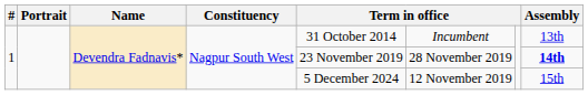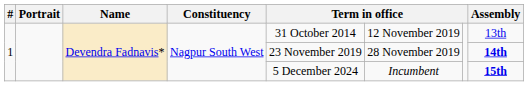 <table class="wikitable plainrowheaders" style="text-align:center">
 <tr align=center>
 <th>#</th>
 <th>Portrait</th>
 <th>Name</th>
 <th>Constituency</th>
 <th colspan="3">Term in office</th>
 <th>Assembly</th>
 </tr>
 <tr align="center">
 <td rowspan="3">1</td>
 <td rowspan="3"></td>
 <td style="background:#faecc8;text-align:center;" rowspan="3"><a href='#'>Devendra Fadnavis</a>*</td>
 <td rowspan="3"><a href='#'>Nagpur South West</a></td>
 <td>31 October 2014</td>
-<td><em>Incumbent</em></td>
+<td>12 November 2019</td>
 <td rowspan="3"></td>
 <td><a href='#'>13th</a></td>
 </tr>
 <tr align="center">
 <td>23 November 2019</td>
 <td>28 November 2019</td>
 <td><strong><a href='#'>14th</a></strong></td>
 </tr>
 <tr align="center">
 <td>5 December 2024</td>
-<td>12 November 2019</td>
-<td><a href='#'>15th</a></td>
+<td><em>Incumbent</em></td>
+<td><strong><a href='#'>15th</a></strong></td>
 </tr>
 </table>
